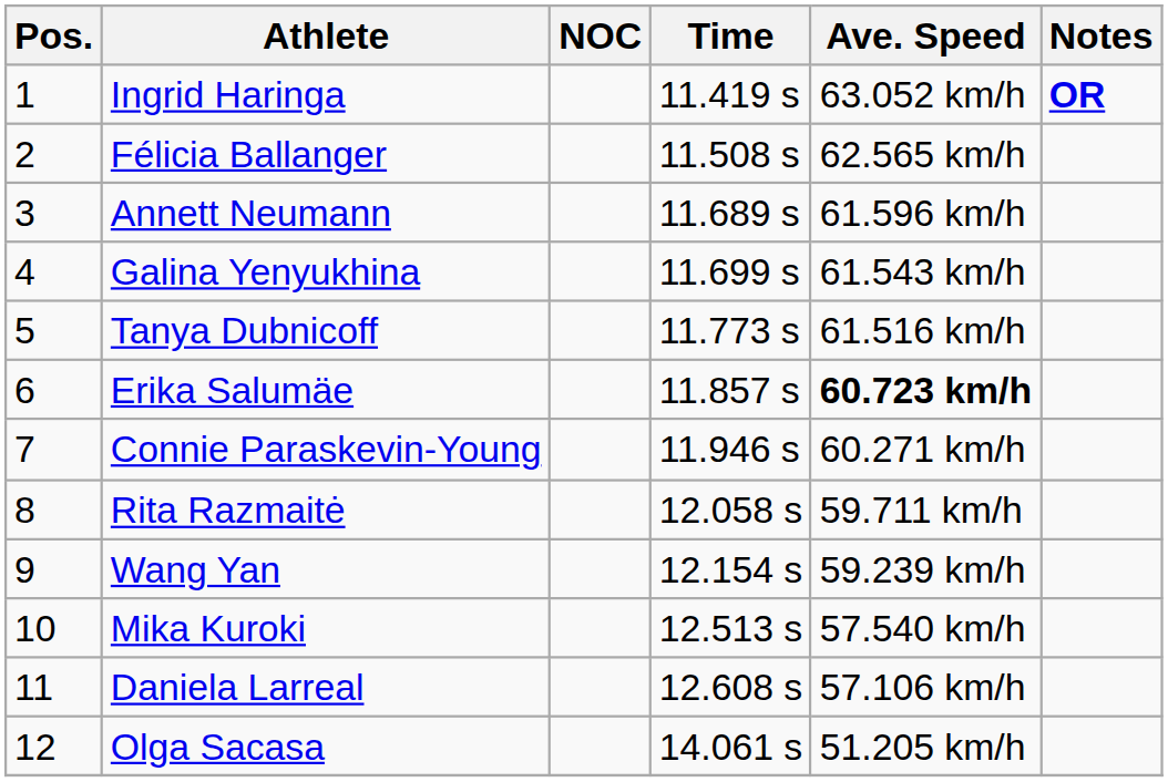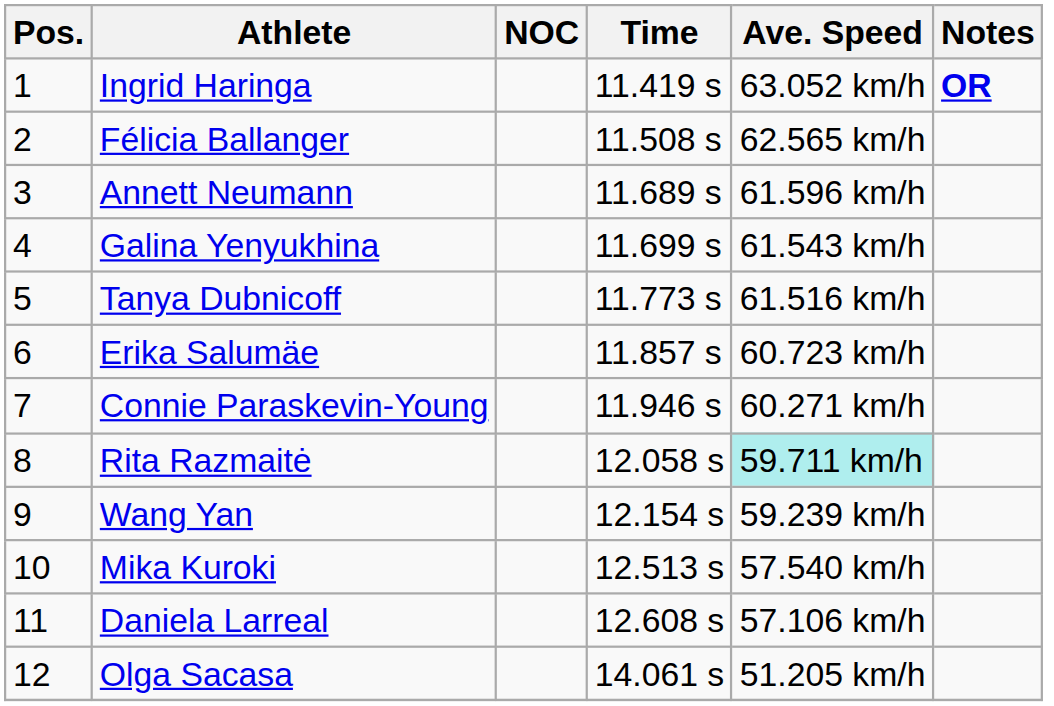 <table class="wikitable" style="font-size:95%;">
 <tr>
 <th>Pos.</th>
 <th>Athlete</th>
 <th>NOC</th>
 <th>Time</th>
 <th>Ave. Speed</th>
 <th>Notes</th>
 </tr>
 <tr>
 <td>1</td>
 <td><a href='#'>Ingrid Haringa</a></td>
 <td></td>
 <td>11.419 s</td>
 <td>63.052 km/h</td>
 <td><strong><a href='#'>OR</a></strong></td>
 </tr>
 <tr>
 <td>2</td>
 <td><a href='#'>Félicia Ballanger</a></td>
 <td></td>
 <td>11.508 s</td>
 <td>62.565 km/h</td>
 <td></td>
 </tr>
 <tr>
 <td>3</td>
 <td><a href='#'>Annett Neumann</a></td>
 <td></td>
 <td>11.689 s</td>
 <td>61.596 km/h</td>
 <td></td>
 </tr>
 <tr>
 <td>4</td>
 <td><a href='#'>Galina Yenyukhina</a></td>
 <td></td>
 <td>11.699 s</td>
 <td>61.543 km/h</td>
 <td></td>
 </tr>
 <tr>
 <td>5</td>
 <td><a href='#'>Tanya Dubnicoff</a></td>
 <td></td>
 <td>11.773 s</td>
 <td>61.516 km/h</td>
 <td></td>
 </tr>
 <tr>
 <td>6</td>
 <td><a href='#'>Erika Salumäe</a></td>
 <td></td>
 <td>11.857 s</td>
-<td><strong>60.723 km/h</strong></td>
+<td>60.723 km/h</td>
 <td></td>
 </tr>
 <tr>
 <td>7</td>
 <td><a href='#'>Connie Paraskevin-Young</a></td>
 <td></td>
 <td>11.946 s</td>
 <td>60.271 km/h</td>
 <td></td>
 </tr>
 <tr>
 <td>8</td>
 <td><a href='#'>Rita Razmaitė</a></td>
 <td></td>
 <td>12.058 s</td>
-<td>59.711 km/h</td>
+<td style="background: paleturquoise;">59.711 km/h</td>
 <td></td>
 </tr>
 <tr>
 <td>9</td>
 <td><a href='#'>Wang Yan</a></td>
 <td></td>
 <td>12.154 s</td>
 <td>59.239 km/h</td>
 <td></td>
 </tr>
 <tr>
 <td>10</td>
 <td><a href='#'>Mika Kuroki</a></td>
 <td></td>
 <td>12.513 s</td>
 <td>57.540 km/h</td>
 <td></td>
 </tr>
 <tr>
 <td>11</td>
 <td><a href='#'>Daniela Larreal</a></td>
 <td></td>
 <td>12.608 s</td>
 <td>57.106 km/h</td>
 <td></td>
 </tr>
 <tr>
 <td>12</td>
 <td><a href='#'>Olga Sacasa</a></td>
 <td></td>
 <td>14.061 s</td>
 <td>51.205 km/h</td>
 <td></td>
 </tr>
 <tr>
 </tr>
 </table>
